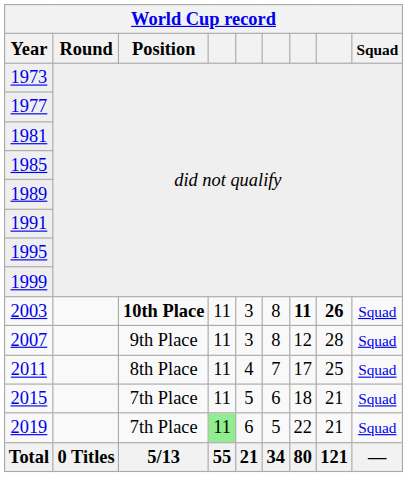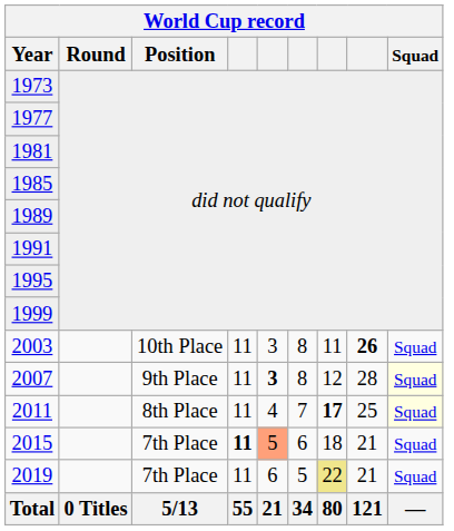 <table class="wikitable" style="text-align: center;">
 <tr>
 <th colspan=9><a href='#'>World Cup record</a></th>
 </tr>
 <tr>
 <th>Year</th>
 <th>Round</th>
 <th>Position</th>
 <th></th>
 <th></th>
 <th></th>
 <th></th>
 <th></th>
 <th><small>Squad</small></th>
 </tr>
 <tr bgcolor="efefef">
 <td> <a href='#'>1973</a></td>
 <td colspan=8 rowspan=8 align=center><em>did not qualify</em></td>
 </tr>
 <tr bgcolor="efefef">
 <td> <a href='#'>1977</a></td>
 </tr>
 <tr bgcolor="efefef">
 <td> <a href='#'>1981</a></td>
 </tr>
 <tr bgcolor="efefef">
 <td> <a href='#'>1985</a></td>
 </tr>
 <tr bgcolor="efefef">
 <td> <a href='#'>1989</a></td>
 </tr>
 <tr bgcolor="efefef">
 <td> <a href='#'>1991</a></td>
 </tr>
 <tr bgcolor="efefef">
 <td> <a href='#'>1995</a></td>
 </tr>
 <tr bgcolor="efefef">
 <td> <a href='#'>1999</a></td>
 </tr>
 <tr>
 <td> <a href='#'>2003</a></td>
 <td></td>
-<td><strong>10th Place</strong></td>
+<td>10th Place</td>
 <td>11</td>
 <td>3</td>
 <td>8</td>
-<td><strong>11</strong></td>
+<td>11</td>
 <td><strong>26</strong></td>
 <td><small><a href='#'>Squad</a></small></td>
 </tr>
 <tr>
 <td> <a href='#'>2007</a></td>
 <td></td>
 <td>9th Place</td>
 <td>11</td>
-<td>3</td>
+<td><strong>3</strong></td>
 <td>8</td>
 <td>12</td>
 <td>28</td>
-<td><small><a href='#'>Squad</a></small></td>
+<td style="background: lightyellow;"><small><a href='#'>Squad</a></small></td>
 </tr>
 <tr>
 <td> <a href='#'>2011</a></td>
 <td></td>
 <td>8th Place</td>
 <td>11</td>
 <td>4</td>
 <td>7</td>
-<td>17</td>
+<td><strong>17</strong></td>
 <td>25</td>
-<td><small><a href='#'>Squad</a></small></td>
+<td style="background: lightyellow;"><small><a href='#'>Squad</a></small></td>
 </tr>
 <tr>
 <td> <a href='#'>2015</a></td>
 <td></td>
 <td>7th Place</td>
-<td>11</td>
-<td>5</td>
+<td><strong>11</strong></td>
+<td style="background: lightsalmon;">5</td>
 <td>6</td>
 <td>18</td>
 <td>21</td>
 <td><small><a href='#'>Squad</a></small></td>
 </tr>
 <tr>
 <td> <a href='#'>2019</a></td>
 <td></td>
 <td>7th Place</td>
-<td style="background: lightgreen;">11</td>
+<td>11</td>
 <td>6</td>
 <td>5</td>
-<td>22</td>
+<td style="background: khaki;">22</td>
 <td>21</td>
 <td><small><a href='#'>Squad</a></small></td>
 </tr>
 <tr>
 <th>Total</th>
 <th>0 Titles</th>
 <th>5/13</th>
 <th>55</th>
 <th>21</th>
 <th>34</th>
 <th>80</th>
 <th>121</th>
 <th>—</th>
 </tr>
 </table>
